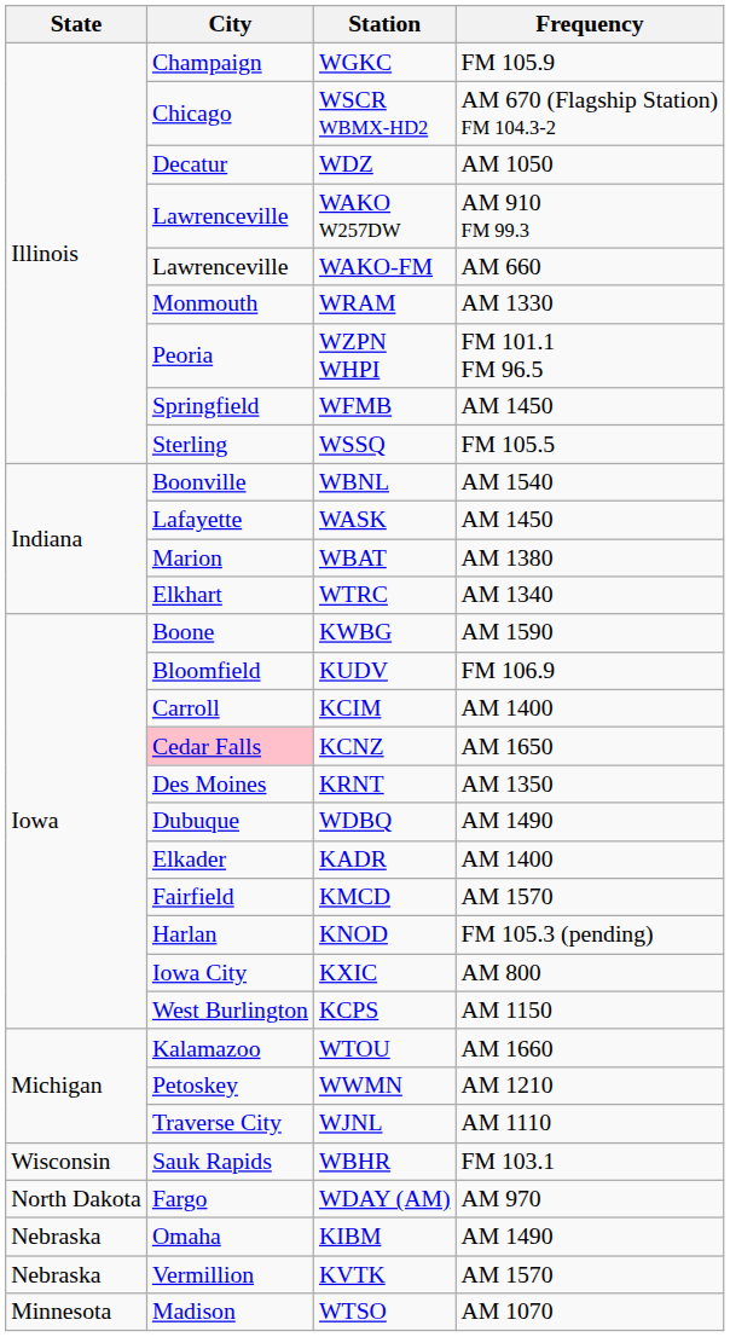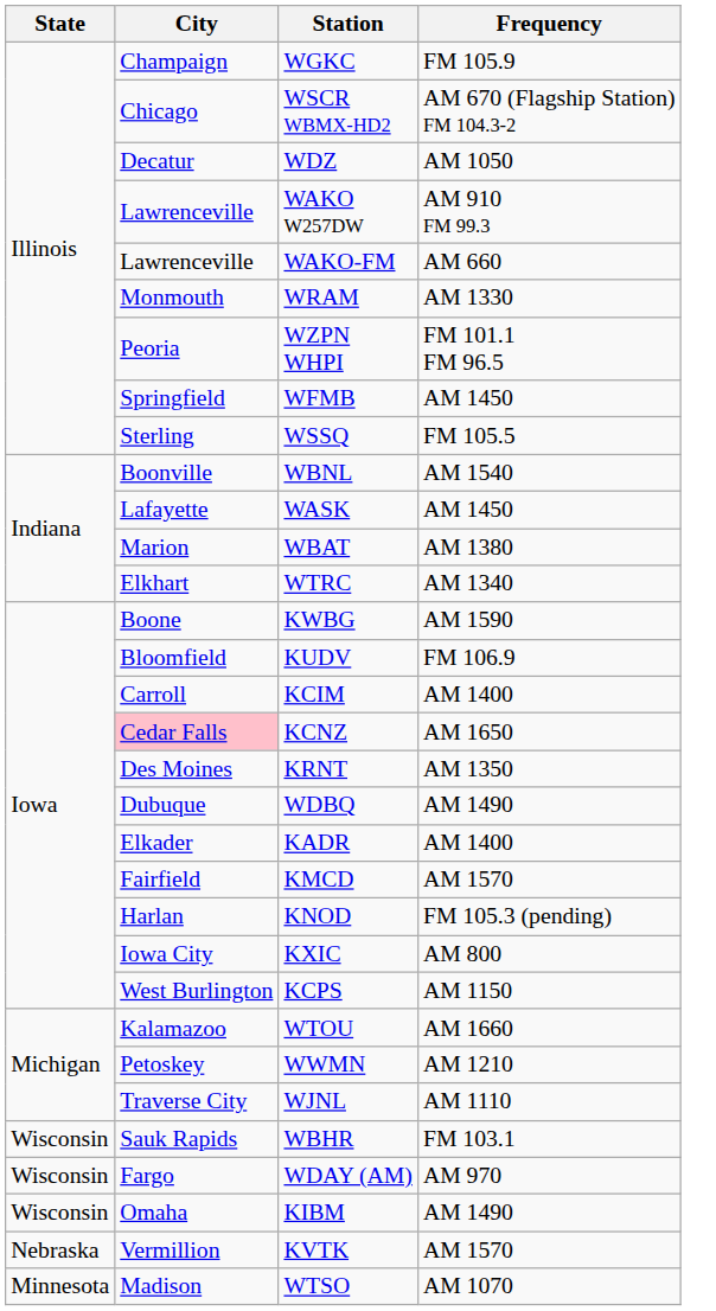 <table class="wikitable">
 <tr>
 <th>State</th>
 <th>City</th>
 <th>Station</th>
 <th>Frequency</th>
 </tr>
 <tr>
 <td rowspan="9">Illinois</td>
 <td><a href='#'>Champaign</a></td>
 <td><a href='#'>WGKC</a></td>
 <td>FM 105.9</td>
 </tr>
 <tr>
 <td><a href='#'>Chicago</a></td>
 <td><a href='#'>WSCR</a><br><small><a href='#'>WBMX-HD2</a></small></td>
 <td>AM 670 (Flagship Station)<br><small>FM 104.3-2</small></td>
 </tr>
 <tr>
 <td><a href='#'>Decatur</a></td>
 <td><a href='#'>WDZ</a></td>
 <td>AM 1050</td>
 </tr>
 <tr>
 <td><a href='#'>Lawrenceville</a></td>
 <td><a href='#'>WAKO</a><br><small>W257DW</small></td>
 <td>AM 910<br><small>FM 99.3</small></td>
 </tr>
 <tr>
 <td>Lawrenceville</td>
 <td><a href='#'>WAKO-FM</a></td>
 <td>AM 660</td>
 </tr>
 <tr>
 <td><a href='#'>Monmouth</a></td>
 <td><a href='#'>WRAM</a></td>
 <td>AM 1330</td>
 </tr>
 <tr>
 <td><a href='#'>Peoria</a></td>
 <td><a href='#'>WZPN</a><br><a href='#'>WHPI</a></td>
 <td>FM 101.1<br>FM 96.5</td>
 </tr>
 <tr>
 <td><a href='#'>Springfield</a></td>
 <td><a href='#'>WFMB</a></td>
 <td>AM 1450</td>
 </tr>
 <tr>
 <td><a href='#'>Sterling</a></td>
 <td><a href='#'>WSSQ</a></td>
 <td>FM 105.5</td>
 </tr>
 <tr>
 <td rowspan="4">Indiana</td>
 <td><a href='#'>Boonville</a></td>
 <td><a href='#'>WBNL</a></td>
 <td>AM 1540</td>
 </tr>
 <tr>
 <td><a href='#'>Lafayette</a></td>
 <td><a href='#'>WASK</a></td>
 <td>AM 1450</td>
 </tr>
 <tr>
 <td><a href='#'>Marion</a></td>
 <td><a href='#'>WBAT</a></td>
 <td>AM 1380</td>
 </tr>
 <tr>
 <td><a href='#'>Elkhart</a></td>
 <td><a href='#'>WTRC</a></td>
 <td>AM 1340</td>
 </tr>
 <tr>
 <td rowspan="11">Iowa</td>
 <td><a href='#'>Boone</a></td>
 <td><a href='#'>KWBG</a></td>
 <td>AM 1590</td>
 </tr>
 <tr>
 <td><a href='#'>Bloomfield</a></td>
 <td><a href='#'>KUDV</a></td>
 <td>FM 106.9</td>
 </tr>
 <tr>
 <td><a href='#'>Carroll</a></td>
 <td><a href='#'>KCIM</a></td>
 <td>AM 1400</td>
 </tr>
 <tr>
 <td style="background: pink;"><a href='#'>Cedar Falls</a></td>
 <td><a href='#'>KCNZ</a></td>
 <td>AM 1650</td>
 </tr>
 <tr>
 <td><a href='#'>Des Moines</a></td>
 <td><a href='#'>KRNT</a></td>
 <td>AM 1350</td>
 </tr>
 <tr>
 <td><a href='#'>Dubuque</a></td>
 <td><a href='#'>WDBQ</a></td>
 <td>AM 1490</td>
 </tr>
 <tr>
 <td><a href='#'>Elkader</a></td>
 <td><a href='#'>KADR</a></td>
 <td>AM 1400</td>
 </tr>
 <tr>
 <td><a href='#'>Fairfield</a></td>
 <td><a href='#'>KMCD</a></td>
 <td>AM 1570</td>
 </tr>
 <tr>
 <td><a href='#'>Harlan</a></td>
 <td><a href='#'>KNOD</a></td>
 <td>FM 105.3 (pending)</td>
 </tr>
 <tr>
 <td><a href='#'>Iowa City</a></td>
 <td><a href='#'>KXIC</a></td>
 <td>AM 800</td>
 </tr>
 <tr>
 <td><a href='#'>West Burlington</a></td>
 <td><a href='#'>KCPS</a></td>
 <td>AM 1150</td>
 </tr>
 <tr>
 <td rowspan="3">Michigan</td>
 <td><a href='#'>Kalamazoo</a></td>
 <td><a href='#'>WTOU</a></td>
 <td>AM 1660</td>
 </tr>
 <tr>
 <td><a href='#'>Petoskey</a></td>
 <td><a href='#'>WWMN</a></td>
 <td>AM 1210</td>
 </tr>
 <tr>
 <td><a href='#'>Traverse City</a></td>
 <td><a href='#'>WJNL</a></td>
 <td>AM 1110</td>
 </tr>
 <tr>
 <td rowspan="1">Wisconsin</td>
 <td><a href='#'>Sauk Rapids</a></td>
 <td><a href='#'>WBHR</a></td>
 <td>FM 103.1</td>
 </tr>
 <tr>
-<td rowspan="1">North Dakota</td>
+<td rowspan="1">Wisconsin</td>
 <td><a href='#'>Fargo</a></td>
 <td><a href='#'>WDAY (AM)</a></td>
 <td>AM 970</td>
 </tr>
 <tr>
-<td rowspan="1">Nebraska</td>
+<td rowspan="1">Wisconsin</td>
 <td><a href='#'>Omaha</a></td>
 <td><a href='#'>KIBM</a></td>
 <td>AM 1490</td>
 </tr>
 <tr>
 <td rowspan="1">Nebraska</td>
 <td><a href='#'>Vermillion</a></td>
 <td><a href='#'>KVTK</a></td>
 <td>AM 1570</td>
 </tr>
 <tr>
 <td rowspan="1">Minnesota</td>
 <td><a href='#'>Madison</a></td>
 <td><a href='#'>WTSO</a></td>
 <td>AM 1070</td>
 </tr>
 </table>
